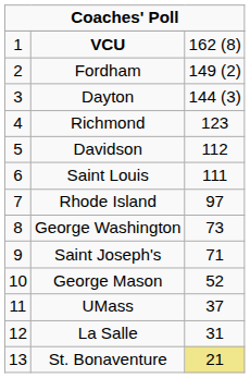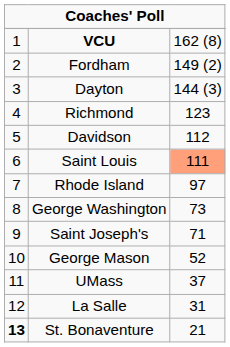 <table class="wikitable" style="display: inline-table;">
 <tr>
 <td align="center" Colspan="3"><strong>Coaches' Poll</strong></td>
 </tr>
 <tr align="center">
 </tr>
 <tr align="center">
 <td>1</td>
 <td><strong>VCU</strong></td>
 <td>162 (8)</td>
 </tr>
 <tr align="center">
 <td>2</td>
 <td>Fordham</td>
 <td>149 (2)</td>
 </tr>
 <tr align="center">
 <td>3</td>
 <td>Dayton</td>
 <td>144 (3)</td>
 </tr>
 <tr align="center">
 <td>4</td>
 <td>Richmond</td>
 <td>123</td>
 </tr>
 <tr align="center">
 <td>5</td>
 <td>Davidson</td>
 <td>112</td>
 </tr>
 <tr align="center">
 <td>6</td>
 <td>Saint Louis</td>
-<td>111</td>
+<td style="background: lightsalmon;">111</td>
 </tr>
 <tr align="center">
 <td>7</td>
 <td>Rhode Island</td>
 <td>97</td>
 </tr>
 <tr align="center">
 <td>8</td>
 <td>George Washington</td>
 <td>73</td>
 </tr>
 <tr align="center">
 <td>9</td>
 <td>Saint Joseph's</td>
 <td>71</td>
 </tr>
 <tr align="center">
 <td>10</td>
 <td>George Mason</td>
 <td>52</td>
 </tr>
 <tr align="center">
 <td>11</td>
 <td>UMass</td>
 <td>37</td>
 </tr>
 <tr align="center">
 <td>12</td>
 <td>La Salle</td>
 <td>31</td>
 </tr>
 <tr align="center">
-<td>13</td>
+<td><strong>13</strong></td>
 <td>St. Bonaventure</td>
-<td style="background: khaki;">21</td>
+<td>21</td>
 </tr>
 </table>
